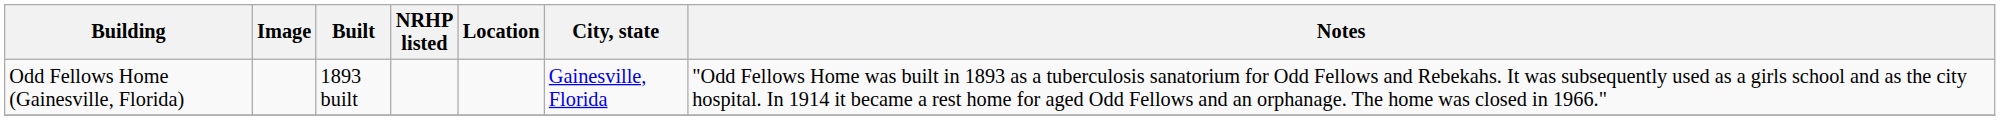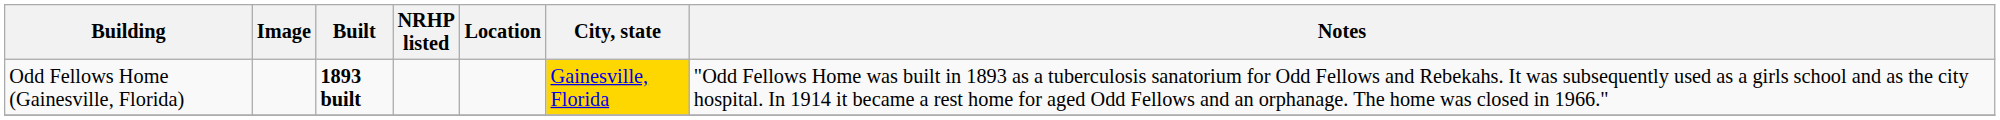 <table class="wikitable sortable">
 <tr>
 <th>Building<br></th>
 <th class="unsortable">Image</th>
 <th>Built</th>
 <th>NRHP<br>listed</th>
 <th>Location</th>
 <th>City, state</th>
 <th class="unsortable">Notes</th>
 </tr>
 <tr>
 <td>Odd Fellows Home (Gainesville, Florida)</td>
 <td></td>
-<td>1893 built</td>
+<td><strong>1893 built</strong></td>
 <td></td>
 <td></td>
-<td><a href='#'>Gainesville, Florida</a></td>
+<td style="background: gold;"><a href='#'>Gainesville, Florida</a></td>
 <td>"Odd Fellows Home was built in 1893 as a tuberculosis sanatorium for Odd Fellows and Rebekahs. It was subsequently used as a girls school and as the city hospital. In 1914 it became a rest home for aged Odd Fellows and an orphanage. The home was closed in 1966."</td>
 </tr>
 <tr>
 </tr>
 </table>
